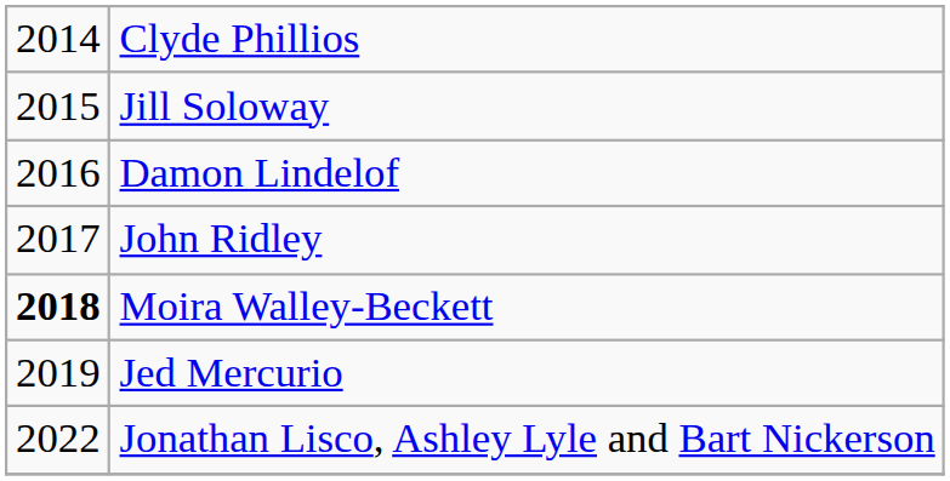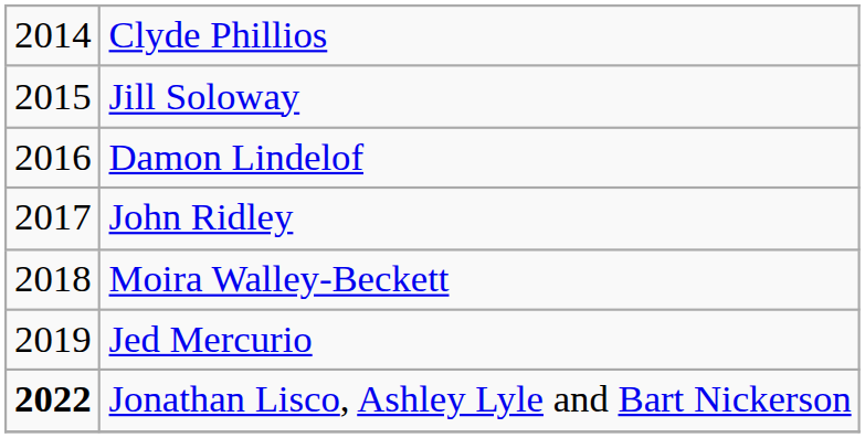 <table class="wikitable">
 <tr>
 <td>2014</td>
 <td><a href='#'>Clyde Phillios</a></td>
 </tr>
 <tr>
 <td>2015</td>
 <td><a href='#'>Jill Soloway</a></td>
 </tr>
 <tr>
 <td>2016</td>
 <td><a href='#'>Damon Lindelof</a></td>
 </tr>
 <tr>
 <td>2017</td>
 <td><a href='#'>John Ridley</a></td>
 </tr>
 <tr>
-<td><strong>2018</strong></td>
+<td>2018</td>
 <td><a href='#'>Moira Walley-Beckett</a></td>
 </tr>
 <tr>
 <td>2019</td>
 <td><a href='#'>Jed Mercurio</a></td>
 </tr>
 <tr>
-<td>2022</td>
+<td><strong>2022</strong></td>
 <td><a href='#'>Jonathan Lisco</a>, <a href='#'>Ashley Lyle</a> and <a href='#'>Bart Nickerson</a></td>
 </tr>
 <tr>
 </tr>
 </table>
